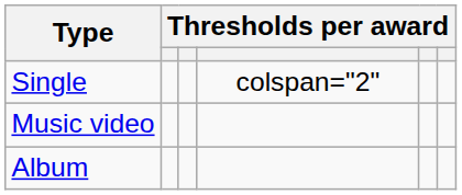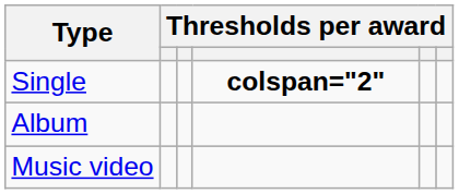 <table class="wikitable" style="text-align: center;">
 <tr>
 <th rowspan="2">Type</th>
 <th colspan="5">Thresholds per award</th>
 </tr>
 <tr>
 <th></th>
 <th></th>
 <th></th>
 <th></th>
 <th></th>
 </tr>
 <tr>
 <td align="left"><a href='#'>Single</a></td>
 <td></td>
 <td></td>
-<td>colspan="2" </td>
+<td><strong>colspan="2" </strong></td>
+<td></td>
+</tr>
+<tr>
+<td align="left"><a href='#'>Album</a></td>
+<td></td>
+<td></td>
+<td></td>
+<td></td>
 <td></td>
 </tr>
 <tr>
 <td align="left"><a href='#'>Music video</a></td>
 <td></td>
 <td></td>
 <td></td>
 <td></td>
 <td></td>
 </tr>
-<tr>
-<td align="left"><a href='#'>Album</a></td>
-<td></td>
-<td></td>
-<td></td>
-<td></td>
-<td></td>
-</tr>
 </table>
